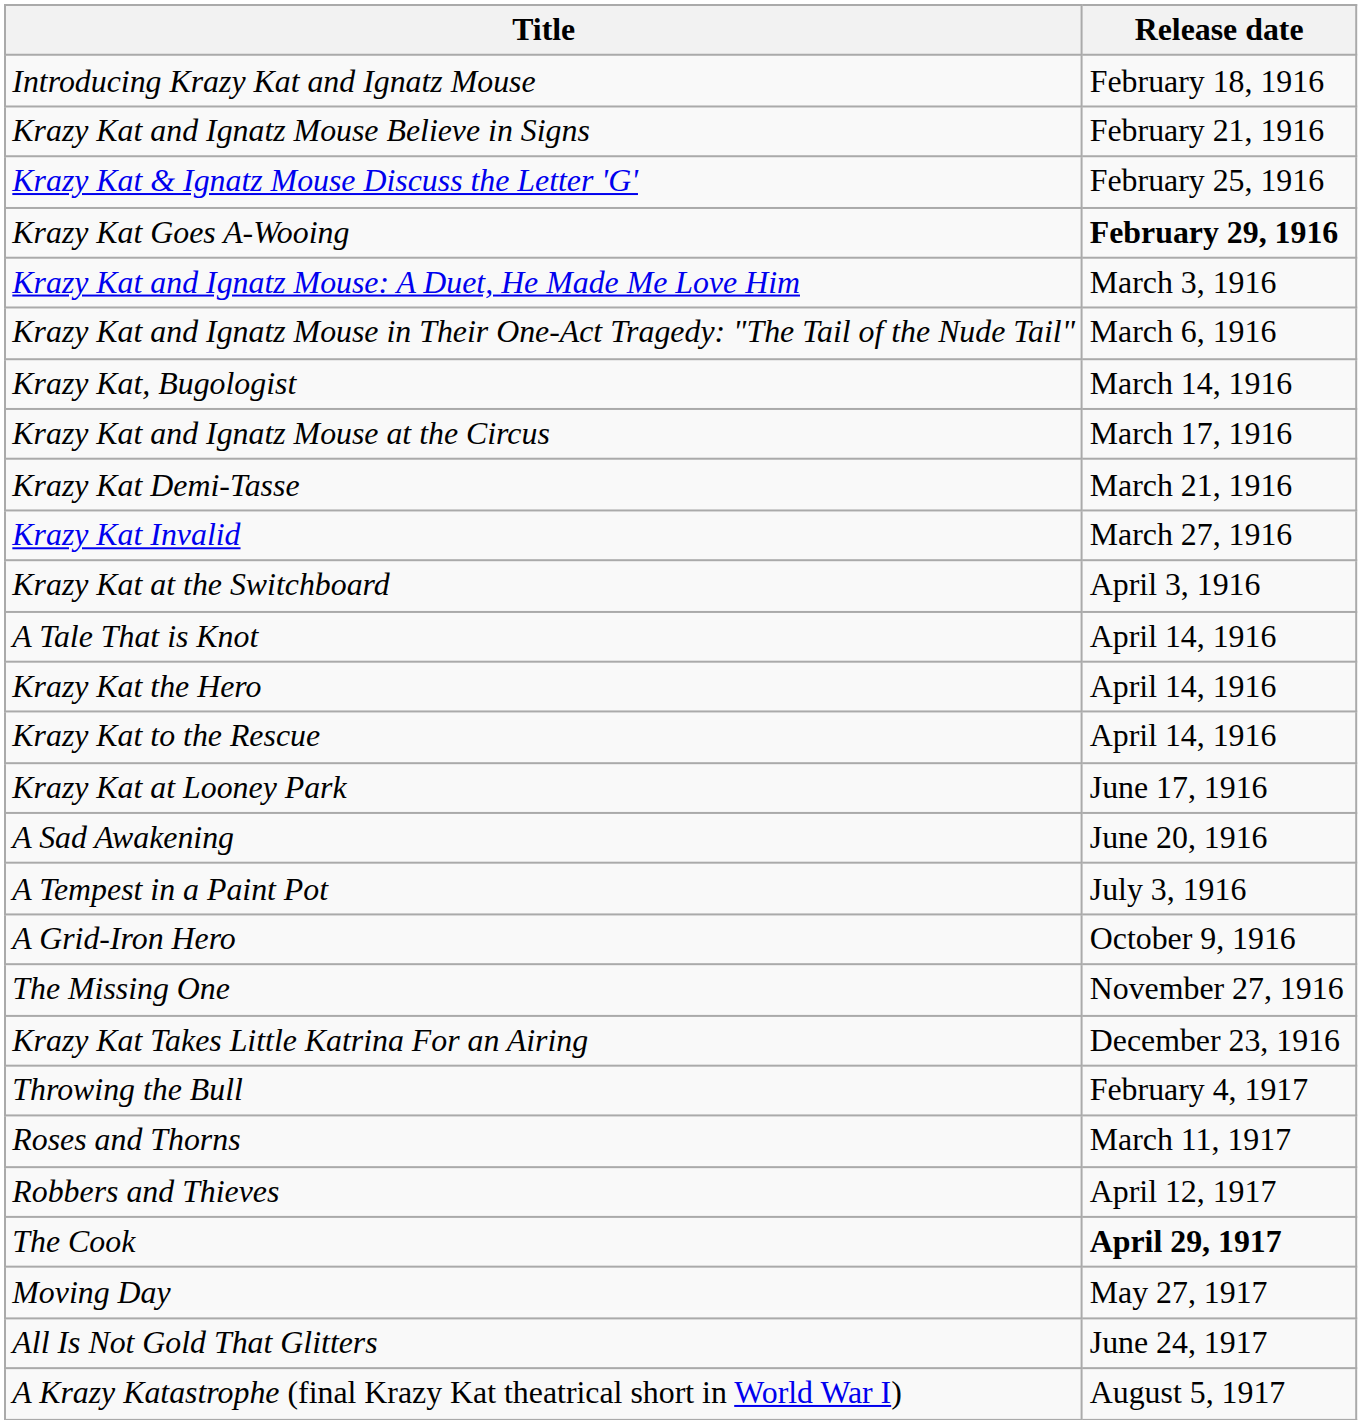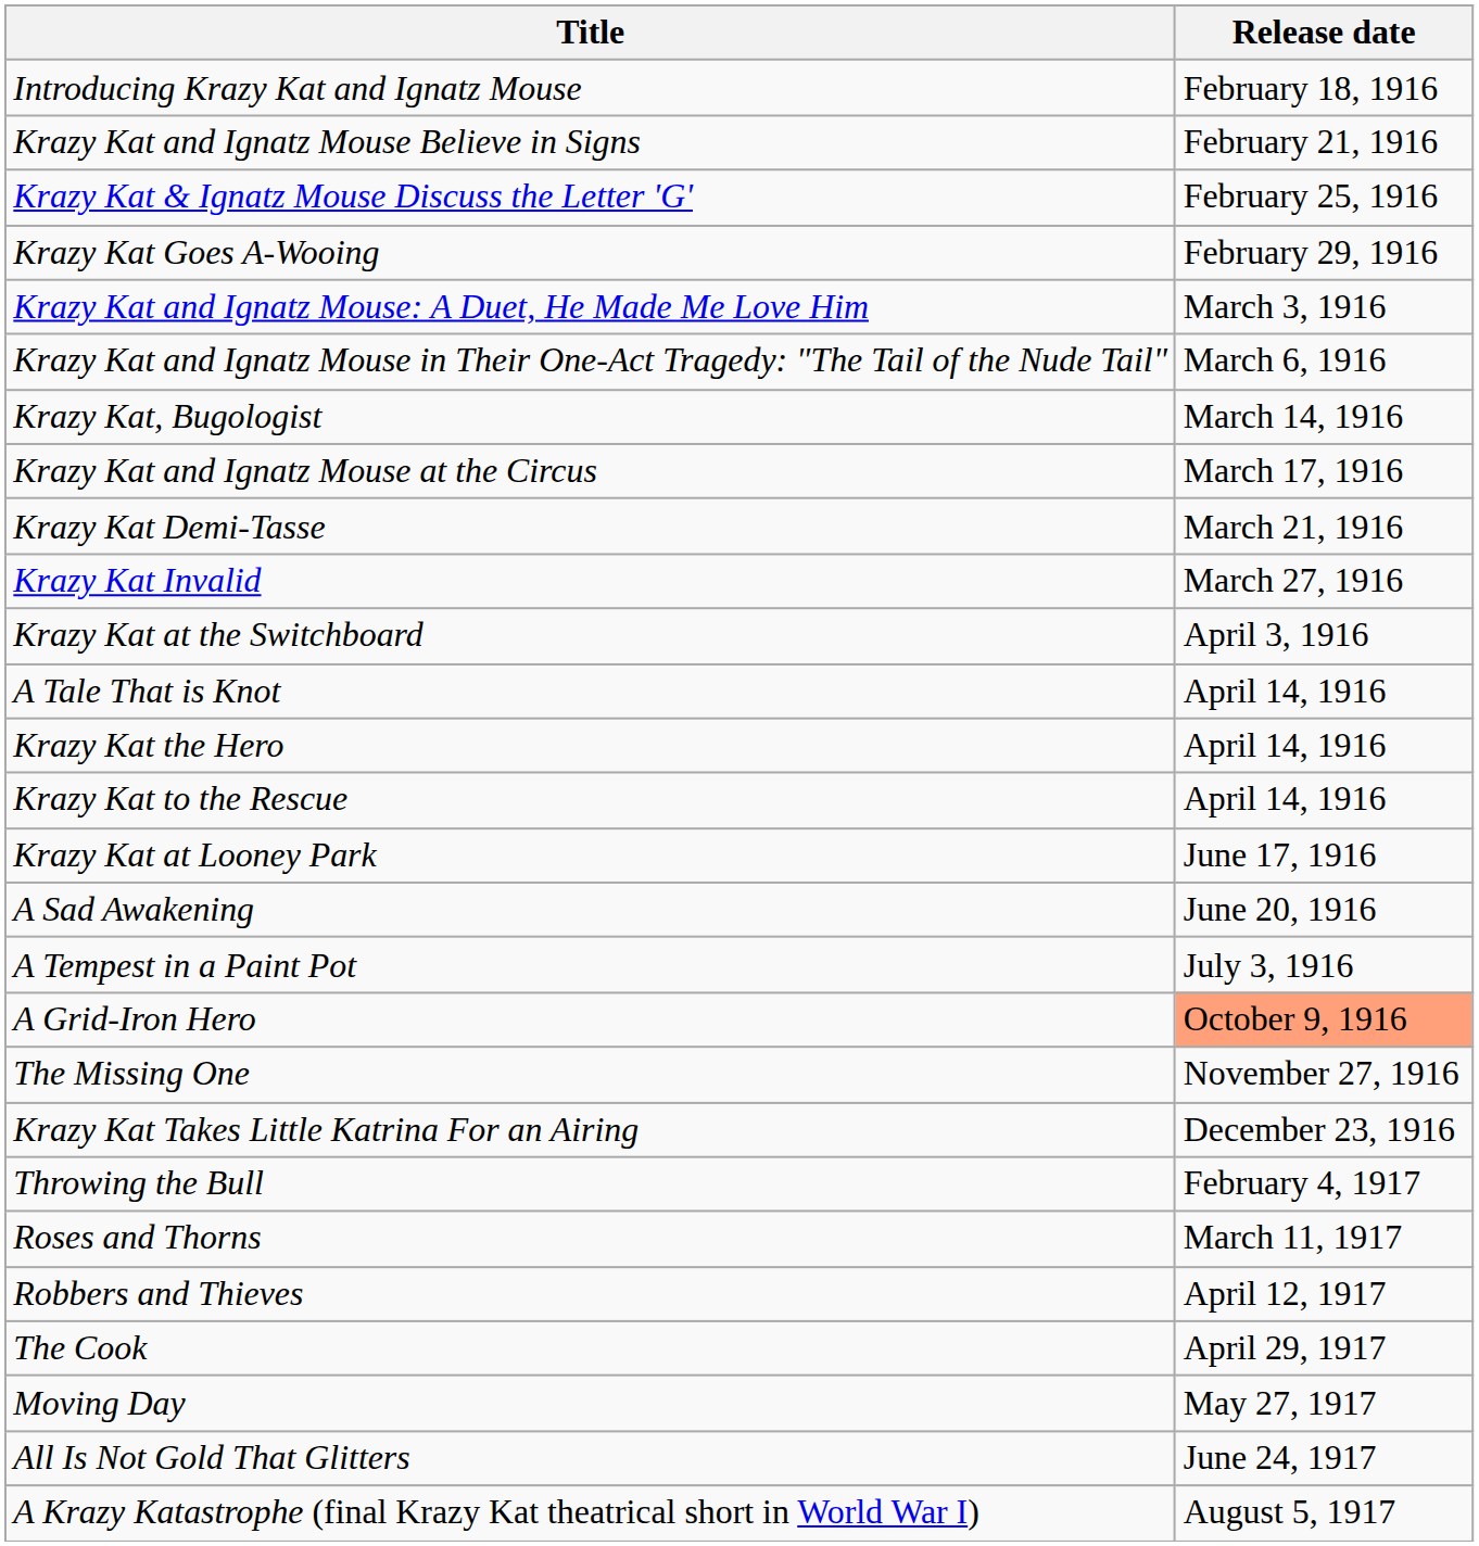 <table class="wikitable sortable">
 <tr>
 <th>Title</th>
 <th>Release date</th>
 </tr>
 <tr>
 <td><em>Introducing Krazy Kat and Ignatz Mouse</em></td>
 <td width=130px>February 18, 1916</td>
 </tr>
 <tr>
 <td><em>Krazy Kat and Ignatz Mouse Believe in Signs</em></td>
 <td>February 21, 1916</td>
 </tr>
 <tr>
 <td><em><a href='#'>Krazy Kat & Ignatz Mouse Discuss the Letter 'G'</a></em></td>
 <td>February 25, 1916</td>
 </tr>
 <tr>
 <td><em>Krazy Kat Goes A-Wooing</em></td>
-<td><strong>February 29, 1916</strong></td>
+<td>February 29, 1916</td>
 </tr>
 <tr>
 <td><em><a href='#'>Krazy Kat and Ignatz Mouse: A Duet, He Made Me Love Him</a></em></td>
 <td>March 3, 1916</td>
 </tr>
 <tr>
 <td><em>Krazy Kat and Ignatz Mouse in Their One-Act Tragedy: "The Tail of the Nude Tail"</em></td>
 <td>March 6, 1916</td>
 </tr>
 <tr>
 <td><em>Krazy Kat, Bugologist</em></td>
 <td>March 14, 1916</td>
 </tr>
 <tr>
 <td><em>Krazy Kat and Ignatz Mouse at the Circus</em></td>
 <td>March 17, 1916</td>
 </tr>
 <tr>
 <td><em>Krazy Kat Demi-Tasse</em></td>
 <td>March 21, 1916</td>
 </tr>
 <tr>
 <td><em><a href='#'>Krazy Kat Invalid</a></em></td>
 <td>March 27, 1916</td>
 </tr>
 <tr>
 <td><em>Krazy Kat at the Switchboard</em></td>
 <td>April 3, 1916</td>
 </tr>
 <tr>
 <td><em>A Tale That is Knot</em></td>
 <td>April 14, 1916</td>
 </tr>
 <tr>
 <td><em>Krazy Kat the Hero</em></td>
 <td>April 14, 1916</td>
 </tr>
 <tr>
 <td><em>Krazy Kat to the Rescue</em></td>
 <td>April 14, 1916</td>
 </tr>
 <tr>
 <td><em>Krazy Kat at Looney Park</em></td>
 <td>June 17, 1916</td>
 </tr>
 <tr>
 <td><em>A Sad Awakening</em></td>
 <td>June 20, 1916</td>
 </tr>
 <tr>
 <td><em>A Tempest in a Paint Pot</em></td>
 <td>July 3, 1916</td>
 </tr>
 <tr>
 <td><em>A Grid-Iron Hero</em></td>
-<td>October 9, 1916</td>
+<td style="background: lightsalmon;">October 9, 1916</td>
 </tr>
 <tr>
 <td><em>The Missing One</em></td>
 <td>November 27, 1916</td>
 </tr>
 <tr>
 <td><em>Krazy Kat Takes Little Katrina For an Airing</em></td>
 <td>December 23, 1916</td>
 </tr>
 <tr>
 <td><em>Throwing the Bull</em></td>
 <td>February 4, 1917</td>
 </tr>
 <tr>
 <td><em>Roses and Thorns</em></td>
 <td>March 11, 1917</td>
 </tr>
 <tr>
 <td><em>Robbers and Thieves</em></td>
 <td>April 12, 1917</td>
 </tr>
 <tr>
 <td><em>The Cook</em></td>
-<td><strong>April 29, 1917</strong></td>
+<td>April 29, 1917</td>
 </tr>
 <tr>
 <td><em>Moving Day</em></td>
 <td>May 27, 1917</td>
 </tr>
 <tr>
 <td><em>All Is Not Gold That Glitters</em></td>
 <td>June 24, 1917</td>
 </tr>
 <tr>
 <td><em>A Krazy Katastrophe</em> (final Krazy Kat theatrical short in <a href='#'>World War I</a>)</td>
 <td>August 5, 1917</td>
 </tr>
 </table>
